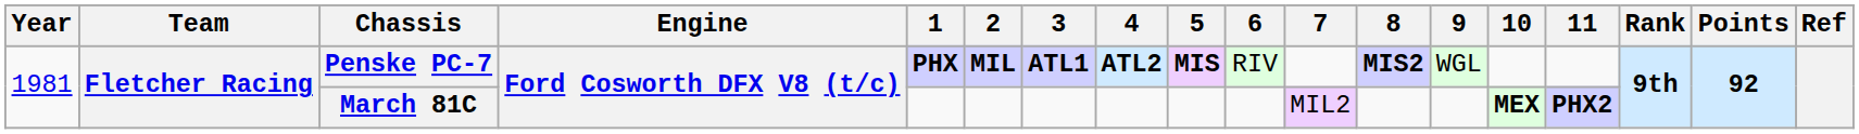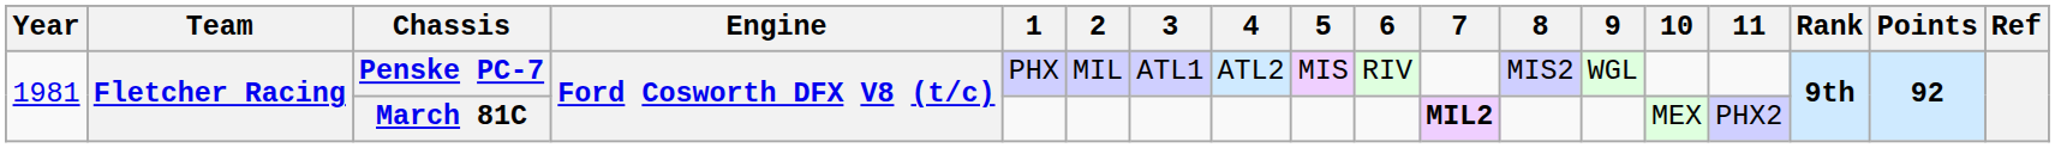 <table class="wikitable" style="text-align:center; font-size:95%">
 <tr>
 <th>Year</th>
 <th>Team</th>
 <th>Chassis</th>
 <th>Engine</th>
 <th>1</th>
 <th>2</th>
 <th>3</th>
 <th>4</th>
 <th>5</th>
 <th>6</th>
 <th>7</th>
 <th>8</th>
 <th>9</th>
 <th>10</th>
 <th>11</th>
 <th>Rank</th>
 <th>Points</th>
 <th>Ref</th>
 </tr>
 <tr>
 <td rowspan="2"><a href='#'>1981</a></td>
 <th rowspan="2"><a href='#'>Fletcher Racing</a></th>
 <th><a href='#'>Penske</a> <a href='#'>PC-7</a></th>
 <th rowspan="2"><a href='#'>Ford</a> <a href='#'>Cosworth DFX</a> <a href='#'>V8</a> <a href='#'>(t/c)</a></th>
-<td style="background:#CFCFFF;"><strong>PHX<br></strong></td>
-<td style="background:#CFCFFF;"><strong>MIL<br></strong></td>
-<td style="background:#CFCFFF;"><strong>ATL1<br></strong></td>
-<td style="background:#CFEAFF;"><strong>ATL2<br></strong></td>
-<td style="background:#EFCFFF;"><strong>MIS<br></strong></td>
+<td style="background:#CFCFFF;">PHX<br></td>
+<td style="background:#CFCFFF;">MIL<br></td>
+<td style="background:#CFCFFF;">ATL1<br></td>
+<td style="background:#CFEAFF;">ATL2<br></td>
+<td style="background:#EFCFFF;">MIS<br></td>
 <td style="background:#DFFFDF;">RIV<br></td>
 <td></td>
-<td style="background:#CFCFFF;"><strong>MIS2<br></strong></td>
+<td style="background:#CFCFFF;">MIS2<br></td>
 <td style="background:#DFFFDF;">WGL<br></td>
 <td></td>
 <td></td>
 <td rowspan="2" style="background:#CFEAFF;"><strong>9th</strong></td>
 <td rowspan="2" style="background:#CFEAFF;"><strong>92</strong></td>
 <th rowspan=2></th>
 </tr>
 <tr>
 <th><a href='#'>March</a> 81C</th>
 <td></td>
 <td></td>
 <td></td>
 <td></td>
 <td></td>
 <td></td>
-<td style="background:#EFCFFF;">MIL2<br></td>
+<td style="background:#EFCFFF;"><strong>MIL2<br></strong></td>
 <td></td>
 <td></td>
-<td style="background:#DFFFDF;"><strong>MEX<br></strong></td>
-<td style="background:#CFCFFF;"><strong>PHX2<br></strong></td>
+<td style="background:#DFFFDF;">MEX<br></td>
+<td style="background:#CFCFFF;">PHX2<br></td>
 </tr>
 </table>
